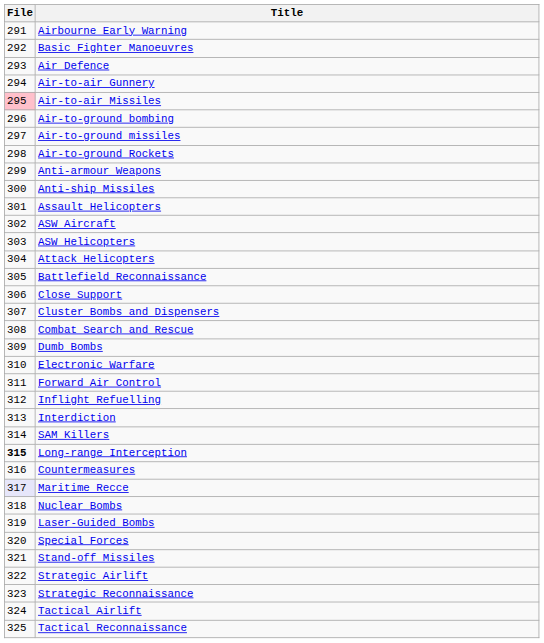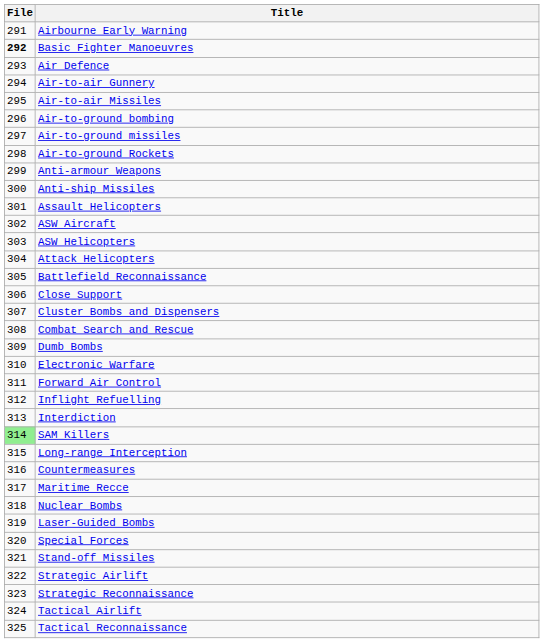 <table class="wikitable collapsible collapsed" border="1">
 <tr>
 <th>File</th>
 <th width=600>Title</th>
 </tr>
 <tr>
 <td>291</td>
 <td><a href='#'>Airbourne Early Warning</a> </td>
 </tr>
 <tr>
-<td>292</td>
+<td><strong>292</strong></td>
 <td><a href='#'>Basic Fighter Manoeuvres</a></td>
 </tr>
 <tr>
 <td>293</td>
 <td><a href='#'>Air Defence</a></td>
 </tr>
 <tr>
 <td>294</td>
 <td><a href='#'>Air-to-air Gunnery</a></td>
 </tr>
 <tr>
-<td style="background: pink;">295</td>
+<td>295</td>
 <td><a href='#'>Air-to-air Missiles</a></td>
 </tr>
 <tr>
 <td>296</td>
 <td><a href='#'>Air-to-ground bombing</a></td>
 </tr>
 <tr>
 <td>297</td>
 <td><a href='#'>Air-to-ground missiles</a></td>
 </tr>
 <tr>
 <td>298</td>
 <td><a href='#'>Air-to-ground Rockets</a></td>
 </tr>
 <tr>
 <td>299</td>
 <td><a href='#'>Anti-armour Weapons</a></td>
 </tr>
 <tr>
 <td>300</td>
 <td><a href='#'>Anti-ship Missiles</a></td>
 </tr>
 <tr>
 <td>301</td>
 <td><a href='#'>Assault Helicopters</a></td>
 </tr>
 <tr>
 <td>302</td>
 <td><a href='#'>ASW Aircraft</a></td>
 </tr>
 <tr>
 <td>303</td>
 <td><a href='#'>ASW Helicopters</a></td>
 </tr>
 <tr>
 <td>304</td>
 <td><a href='#'>Attack Helicopters</a></td>
 </tr>
 <tr>
 <td>305</td>
 <td><a href='#'>Battlefield Reconnaissance</a></td>
 </tr>
 <tr>
 <td>306</td>
 <td><a href='#'>Close Support</a></td>
 </tr>
 <tr>
 <td>307</td>
 <td><a href='#'>Cluster Bombs and Dispensers</a></td>
 </tr>
 <tr>
 <td>308</td>
 <td><a href='#'>Combat Search and Rescue</a></td>
 </tr>
 <tr>
 <td>309</td>
 <td><a href='#'>Dumb Bombs</a></td>
 </tr>
 <tr>
 <td>310</td>
 <td><a href='#'>Electronic Warfare</a></td>
 </tr>
 <tr>
 <td>311</td>
 <td><a href='#'>Forward Air Control</a></td>
 </tr>
 <tr>
 <td>312</td>
 <td><a href='#'>Inflight Refuelling</a></td>
 </tr>
 <tr>
 <td>313</td>
 <td><a href='#'>Interdiction</a></td>
 </tr>
 <tr>
-<td>314</td>
+<td style="background: lightgreen;">314</td>
 <td><a href='#'>SAM Killers</a></td>
 </tr>
 <tr>
-<td><strong>315</strong></td>
+<td>315</td>
 <td><a href='#'>Long-range Interception</a></td>
 </tr>
 <tr>
 <td>316</td>
 <td><a href='#'>Countermeasures</a></td>
 </tr>
 <tr>
-<td style="background: lavender;">317</td>
+<td>317</td>
 <td><a href='#'>Maritime Recce</a></td>
 </tr>
 <tr>
 <td>318</td>
 <td><a href='#'>Nuclear Bombs</a></td>
 </tr>
 <tr>
 <td>319</td>
 <td><a href='#'>Laser-Guided Bombs</a></td>
 </tr>
 <tr>
 <td>320</td>
 <td><a href='#'>Special Forces</a></td>
 </tr>
 <tr>
 <td>321</td>
 <td><a href='#'>Stand-off Missiles</a></td>
 </tr>
 <tr>
 <td>322</td>
 <td><a href='#'>Strategic Airlift</a></td>
 </tr>
 <tr>
 <td>323</td>
 <td><a href='#'>Strategic Reconnaissance</a></td>
 </tr>
 <tr>
 <td>324</td>
 <td><a href='#'>Tactical Airlift</a></td>
 </tr>
 <tr>
 <td>325</td>
 <td><a href='#'>Tactical Reconnaissance</a></td>
 </tr>
 </table>
